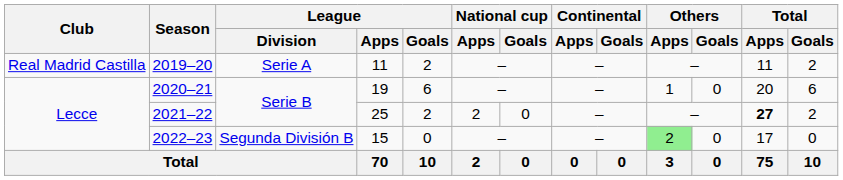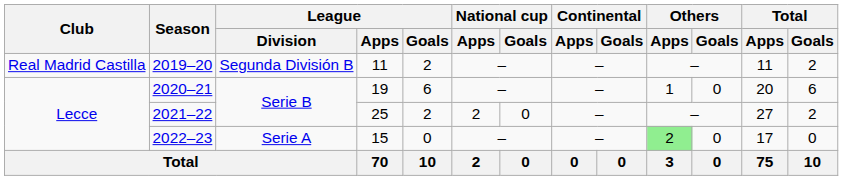 <table class="wikitable" style="text-align:center">
 <tr>
 <th rowspan="2">Club</th>
 <th rowspan="2">Season</th>
 <th colspan="3">League</th>
 <th colspan="2">National cup</th>
 <th colspan="2">Continental</th>
 <th colspan="2">Others</th>
 <th colspan="2">Total</th>
 </tr>
 <tr>
 <th>Division</th>
 <th>Apps</th>
 <th>Goals</th>
 <th>Apps</th>
 <th>Goals</th>
 <th>Apps</th>
 <th>Goals</th>
 <th>Apps</th>
 <th>Goals</th>
 <th>Apps</th>
 <th>Goals</th>
 </tr>
 <tr>
 <td><a href='#'>Real Madrid Castilla</a></td>
 <td><a href='#'>2019–20</a></td>
-<td><a href='#'>Serie A</a></td>
+<td><a href='#'>Segunda División B</a></td>
 <td>11</td>
 <td>2</td>
 <td colspan="2">–</td>
 <td colspan="2">–</td>
 <td colspan="2">–</td>
 <td>11</td>
 <td>2</td>
 </tr>
 <tr>
 <td rowspan="3"><a href='#'>Lecce</a></td>
 <td><a href='#'>2020–21</a></td>
 <td rowspan="2"><a href='#'>Serie B</a></td>
 <td>19</td>
 <td>6</td>
 <td colspan="2">–</td>
 <td colspan="2">–</td>
 <td>1</td>
 <td>0</td>
 <td>20</td>
 <td>6</td>
 </tr>
 <tr>
 <td><a href='#'>2021–22</a></td>
 <td>25</td>
 <td>2</td>
 <td>2</td>
 <td>0</td>
 <td colspan="2">–</td>
 <td colspan="2">–</td>
-<td><strong>27</strong></td>
+<td>27</td>
 <td>2</td>
 </tr>
 <tr>
 <td><a href='#'>2022–23</a></td>
-<td><a href='#'>Segunda División B</a></td>
+<td><a href='#'>Serie A</a></td>
 <td>15</td>
 <td>0</td>
 <td colspan="2">–</td>
 <td colspan="2">–</td>
 <td style="background: lightgreen;">2</td>
 <td>0</td>
 <td>17</td>
 <td>0</td>
 </tr>
 <tr>
 <th colspan="3">Total</th>
 <th>70</th>
 <th>10</th>
 <th>2</th>
 <th>0</th>
 <th>0</th>
 <th>0</th>
 <th>3</th>
 <th>0</th>
 <th>75</th>
 <th>10</th>
 </tr>
 </table>
